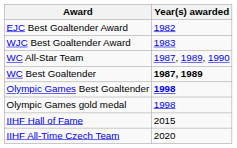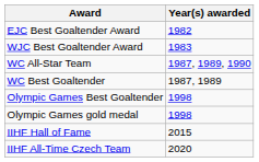 <table class="wikitable">
 <tr>
 <th>Award</th>
 <th>Year(s) awarded</th>
 </tr>
 <tr>
 <td><a href='#'>EJC</a> Best Goaltender Award</td>
 <td><a href='#'>1982</a></td>
 </tr>
 <tr>
 <td><a href='#'>WJC</a> Best Goaltender Award</td>
 <td><a href='#'>1983</a></td>
 </tr>
 <tr>
 <td><a href='#'>WC</a> All-Star Team</td>
 <td><a href='#'>1987</a>, <a href='#'>1989</a>, <a href='#'>1990</a></td>
 </tr>
 <tr>
 <td><a href='#'>WC</a> Best Goaltender</td>
-<td><strong>1987, 1989</strong></td>
+<td>1987, 1989</td>
 </tr>
 <tr>
 <td><a href='#'>Olympic Games</a> Best Goaltender</td>
-<td><strong><a href='#'>1998</a></strong></td>
+<td><a href='#'>1998</a></td>
 </tr>
 <tr>
 <td>Olympic Games gold medal</td>
 <td><a href='#'>1998</a></td>
 </tr>
 <tr>
 <td><a href='#'>IIHF Hall of Fame</a></td>
 <td>2015</td>
 </tr>
 <tr>
 <td><a href='#'>IIHF All-Time Czech Team</a></td>
 <td>2020</td>
 </tr>
 </table>
